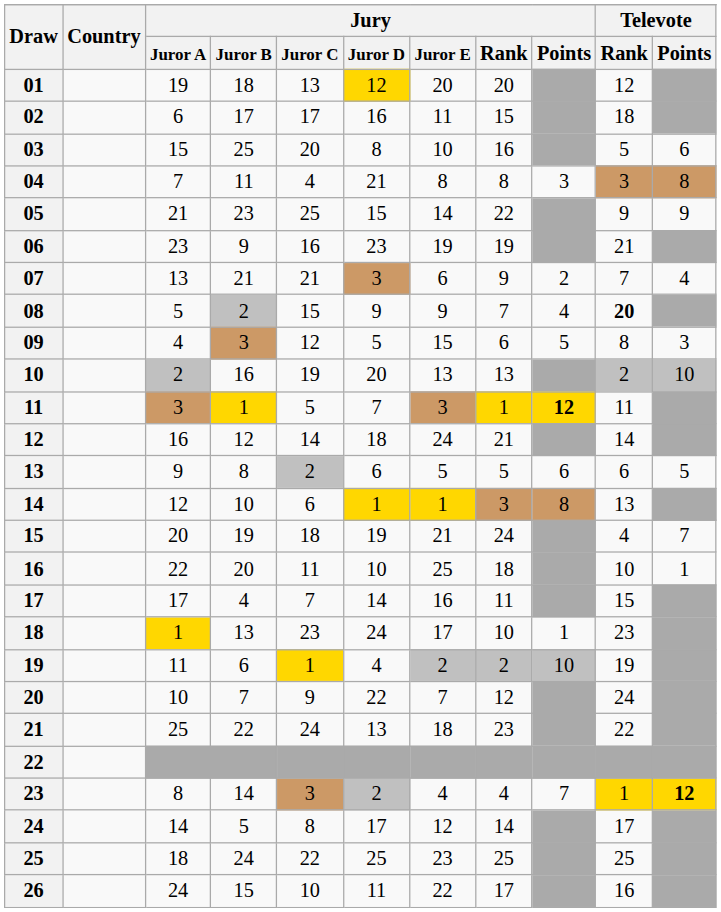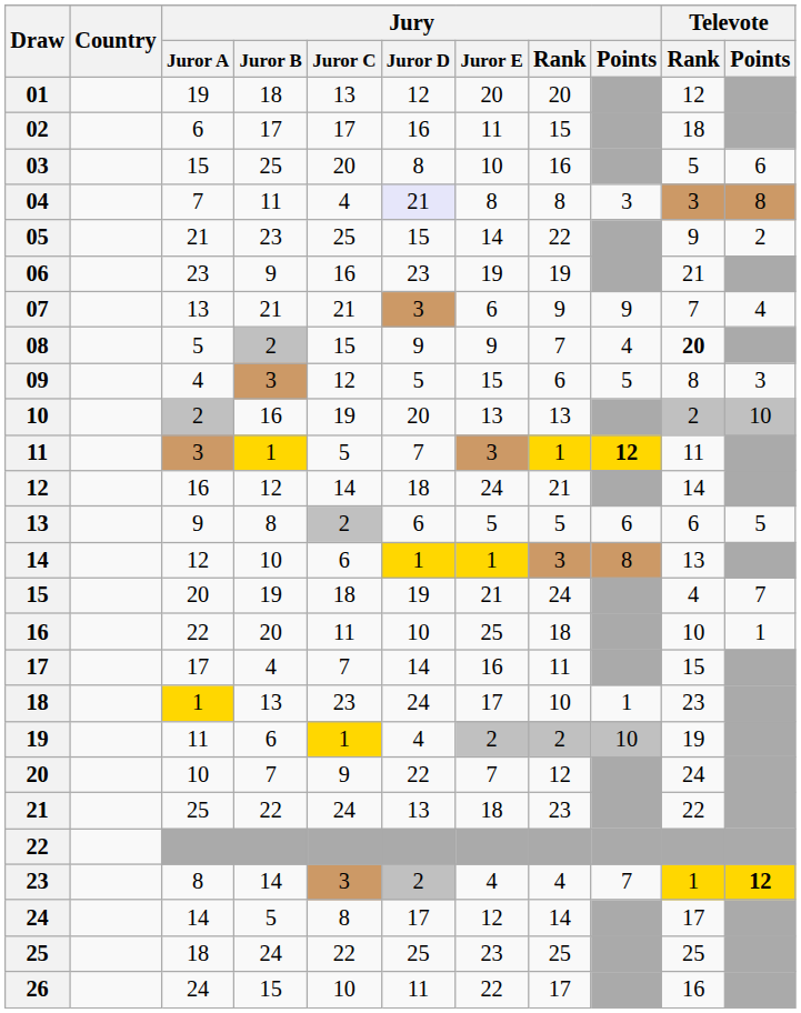 <table class="sortable wikitable collapsible plainrowheaders" style="text-align:center;">
 <tr>
 </tr>
 <tr>
 <th scope="col" rowspan="2">Draw</th>
 <th scope="col" rowspan="2">Country</th>
 <th scope="col" colspan="7">Jury</th>
 <th scope="col" colspan="2">Televote</th>
 </tr>
 <tr>
 <th scope="col"><small>Juror A</small></th>
 <th scope="col"><small>Juror B</small></th>
 <th scope="col"><small>Juror C</small></th>
 <th scope="col"><small>Juror D</small></th>
 <th scope="col"><small>Juror E</small></th>
 <th scope="col">Rank</th>
 <th scope="col" class="unsortable">Points</th>
 <th scope="col">Rank</th>
 <th scope="col" class="unsortable">Points</th>
 </tr>
 <tr>
 <th scope="row" style="text-align:center;">01</th>
 <td style="text-align:left;"></td>
 <td>19</td>
 <td>18</td>
 <td>13</td>
-<td style="background: gold;">12</td>
+<td>12</td>
 <td>20</td>
 <td>20</td>
 <td style="background:#AAAAAA;"></td>
 <td>12</td>
 <td style="background:#AAAAAA;"></td>
 </tr>
 <tr>
 <th scope="row" style="text-align:center;">02</th>
 <td style="text-align:left;"></td>
 <td>6</td>
 <td>17</td>
 <td>17</td>
 <td>16</td>
 <td>11</td>
 <td>15</td>
 <td style="background:#AAAAAA;"></td>
 <td>18</td>
 <td style="background:#AAAAAA;"></td>
 </tr>
 <tr>
 <th scope="row" style="text-align:center;">03</th>
 <td style="text-align:left;"></td>
 <td>15</td>
 <td>25</td>
 <td>20</td>
 <td>8</td>
 <td>10</td>
 <td>16</td>
 <td style="background:#AAAAAA;"></td>
 <td>5</td>
 <td>6</td>
 </tr>
 <tr>
 <th scope="row" style="text-align:center;">04</th>
 <td style="text-align:left;"></td>
 <td>7</td>
 <td>11</td>
 <td>4</td>
-<td>21</td>
+<td style="background: lavender;">21</td>
 <td>8</td>
 <td>8</td>
 <td>3</td>
 <td style="background:#CC9966;">3</td>
 <td style="background:#CC9966;">8</td>
 </tr>
 <tr>
 <th scope="row" style="text-align:center;">05</th>
 <td style="text-align:left;"></td>
 <td>21</td>
 <td>23</td>
 <td>25</td>
 <td>15</td>
 <td>14</td>
 <td>22</td>
 <td style="background:#AAAAAA;"></td>
 <td>9</td>
-<td>9</td>
+<td>2</td>
 </tr>
 <tr>
 <th scope="row" style="text-align:center;">06</th>
 <td style="text-align:left;"></td>
 <td>23</td>
 <td>9</td>
 <td>16</td>
 <td>23</td>
 <td>19</td>
 <td>19</td>
 <td style="background:#AAAAAA;"></td>
 <td>21</td>
 <td style="background:#AAAAAA;"></td>
 </tr>
 <tr>
 <th scope="row" style="text-align:center;">07</th>
 <td style="text-align:left;"></td>
 <td>13</td>
 <td>21</td>
 <td>21</td>
 <td style="background:#CC9966;">3</td>
 <td>6</td>
 <td>9</td>
-<td>2</td>
+<td>9</td>
 <td>7</td>
 <td>4</td>
 </tr>
 <tr>
 <th scope="row" style="text-align:center;">08</th>
 <td style="text-align:left;"></td>
 <td>5</td>
 <td style="background:silver;">2</td>
 <td>15</td>
 <td>9</td>
 <td>9</td>
 <td>7</td>
 <td>4</td>
 <td><strong>20</strong></td>
 <td style="background:#AAAAAA;"></td>
 </tr>
 <tr>
 <th scope="row" style="text-align:center;">09</th>
 <td style="text-align:left;"></td>
 <td>4</td>
 <td style="background:#CC9966;">3</td>
 <td>12</td>
 <td>5</td>
 <td>15</td>
 <td>6</td>
 <td>5</td>
 <td>8</td>
 <td>3</td>
 </tr>
 <tr>
 <th scope="row" style="text-align:center;">10</th>
 <td style="text-align:left;"></td>
 <td style="background:silver;">2</td>
 <td>16</td>
 <td>19</td>
 <td>20</td>
 <td>13</td>
 <td>13</td>
 <td style="background:#AAAAAA;"></td>
 <td style="background:silver;">2</td>
 <td style="background:silver;">10</td>
 </tr>
 <tr>
 <th scope="row" style="text-align:center;">11</th>
 <td style="text-align:left;"></td>
 <td style="background:#CC9966;">3</td>
 <td style="background:gold;">1</td>
 <td>5</td>
 <td>7</td>
 <td style="background:#CC9966;">3</td>
 <td style="background:gold;">1</td>
 <td style="background:gold;"><strong>12</strong></td>
 <td>11</td>
 <td style="background:#AAAAAA;"></td>
 </tr>
 <tr>
 <th scope="row" style="text-align:center;">12</th>
 <td style="text-align:left;"></td>
 <td>16</td>
 <td>12</td>
 <td>14</td>
 <td>18</td>
 <td>24</td>
 <td>21</td>
 <td style="background:#AAAAAA;"></td>
 <td>14</td>
 <td style="background:#AAAAAA;"></td>
 </tr>
 <tr>
 <th scope="row" style="text-align:center;">13</th>
 <td style="text-align:left;"></td>
 <td>9</td>
 <td>8</td>
 <td style="background:silver;">2</td>
 <td>6</td>
 <td>5</td>
 <td>5</td>
 <td>6</td>
 <td>6</td>
 <td>5</td>
 </tr>
 <tr>
 <th scope="row" style="text-align:center;">14</th>
 <td style="text-align:left;"></td>
 <td>12</td>
 <td>10</td>
 <td>6</td>
 <td style="background:gold;">1</td>
 <td style="background:gold;">1</td>
 <td style="background:#CC9966;">3</td>
 <td style="background:#CC9966;">8</td>
 <td>13</td>
 <td style="background:#AAAAAA;"></td>
 </tr>
 <tr>
 <th scope="row" style="text-align:center;">15</th>
 <td style="text-align:left;"></td>
 <td>20</td>
 <td>19</td>
 <td>18</td>
 <td>19</td>
 <td>21</td>
 <td>24</td>
 <td style="background:#AAAAAA;"></td>
 <td>4</td>
 <td>7</td>
 </tr>
 <tr>
 <th scope="row" style="text-align:center;">16</th>
 <td style="text-align:left;"></td>
 <td>22</td>
 <td>20</td>
 <td>11</td>
 <td>10</td>
 <td>25</td>
 <td>18</td>
 <td style="background:#AAAAAA;"></td>
 <td>10</td>
 <td>1</td>
 </tr>
 <tr>
 <th scope="row" style="text-align:center;">17</th>
 <td style="text-align:left;"></td>
 <td>17</td>
 <td>4</td>
 <td>7</td>
 <td>14</td>
 <td>16</td>
 <td>11</td>
 <td style="background:#AAAAAA;"></td>
 <td>15</td>
 <td style="background:#AAAAAA;"></td>
 </tr>
 <tr>
 <th scope="row" style="text-align:center;">18</th>
 <td style="text-align:left;"></td>
 <td style="background:gold;">1</td>
 <td>13</td>
 <td>23</td>
 <td>24</td>
 <td>17</td>
 <td>10</td>
 <td>1</td>
 <td>23</td>
 <td style="background:#AAAAAA;"></td>
 </tr>
 <tr>
 <th scope="row" style="text-align:center;">19</th>
 <td style="text-align:left;"></td>
 <td>11</td>
 <td>6</td>
 <td style="background:gold;">1</td>
 <td>4</td>
 <td style="background:silver;">2</td>
 <td style="background:silver;">2</td>
 <td style="background:silver;">10</td>
 <td>19</td>
 <td style="background:#AAAAAA;"></td>
 </tr>
 <tr>
 <th scope="row" style="text-align:center;">20</th>
 <td style="text-align:left;"></td>
 <td>10</td>
 <td>7</td>
 <td>9</td>
 <td>22</td>
 <td>7</td>
 <td>12</td>
 <td style="background:#AAAAAA;"></td>
 <td>24</td>
 <td style="background:#AAAAAA;"></td>
 </tr>
 <tr>
 <th scope="row" style="text-align:center;">21</th>
 <td style="text-align:left;"></td>
 <td>25</td>
 <td>22</td>
 <td>24</td>
 <td>13</td>
 <td>18</td>
 <td>23</td>
 <td style="background:#AAAAAA;"></td>
 <td>22</td>
 <td style="background:#AAAAAA;"></td>
 </tr>
 <tr class=sortbottom>
 <th scope="row" style="text-align:center;">22</th>
 <td style="text-align:left;"></td>
 <td style="background:#AAAAAA;"></td>
 <td style="background:#AAAAAA;"></td>
 <td style="background:#AAAAAA;"></td>
 <td style="background:#AAAAAA;"></td>
 <td style="background:#AAAAAA;"></td>
 <td style="background:#AAAAAA;"></td>
 <td style="background:#AAAAAA;"></td>
 <td style="background:#AAAAAA;"></td>
 <td style="background:#AAAAAA;"></td>
 </tr>
 <tr>
 <th scope="row" style="text-align:center;">23</th>
 <td style="text-align:left;"></td>
 <td>8</td>
 <td>14</td>
 <td style="background:#CC9966;">3</td>
 <td style="background:silver;">2</td>
 <td>4</td>
 <td>4</td>
 <td>7</td>
 <td style="background:gold;">1</td>
 <td style="background:gold;"><strong>12</strong></td>
 </tr>
 <tr>
 <th scope="row" style="text-align:center;">24</th>
 <td style="text-align:left;"></td>
 <td>14</td>
 <td>5</td>
 <td>8</td>
 <td>17</td>
 <td>12</td>
 <td>14</td>
 <td style="background:#AAAAAA;"></td>
 <td>17</td>
 <td style="background:#AAAAAA;"></td>
 </tr>
 <tr>
 <th scope="row" style="text-align:center;">25</th>
 <td style="text-align:left;"></td>
 <td>18</td>
 <td>24</td>
 <td>22</td>
 <td>25</td>
 <td>23</td>
 <td>25</td>
 <td style="background:#AAAAAA;"></td>
 <td>25</td>
 <td style="background:#AAAAAA;"></td>
 </tr>
 <tr>
 <th scope="row" style="text-align:center;">26</th>
 <td style="text-align:left;"></td>
 <td>24</td>
 <td>15</td>
 <td>10</td>
 <td>11</td>
 <td>22</td>
 <td>17</td>
 <td style="background:#AAAAAA;"></td>
 <td>16</td>
 <td style="background:#AAAAAA;"></td>
 </tr>
 </table>
